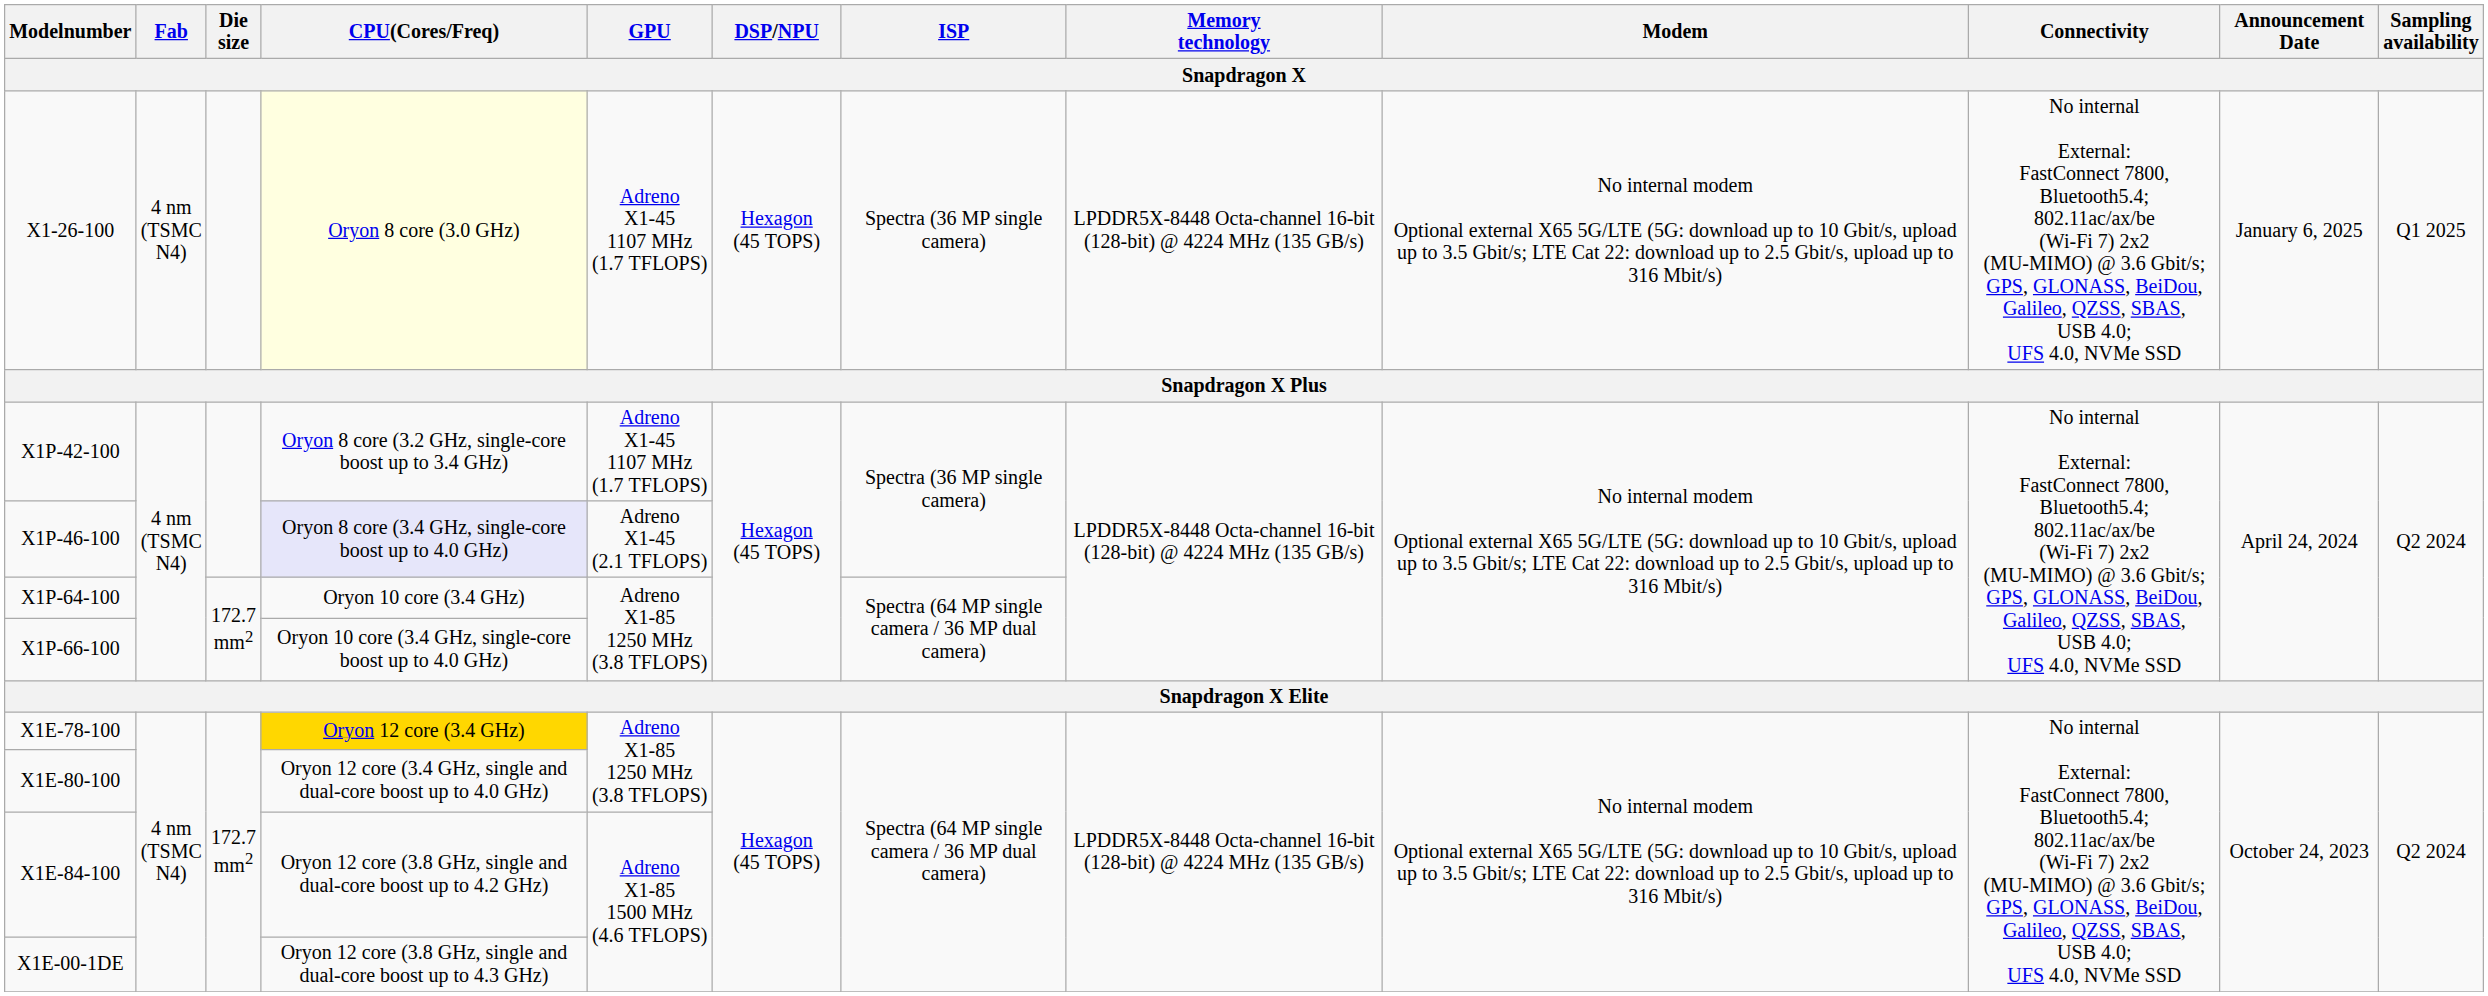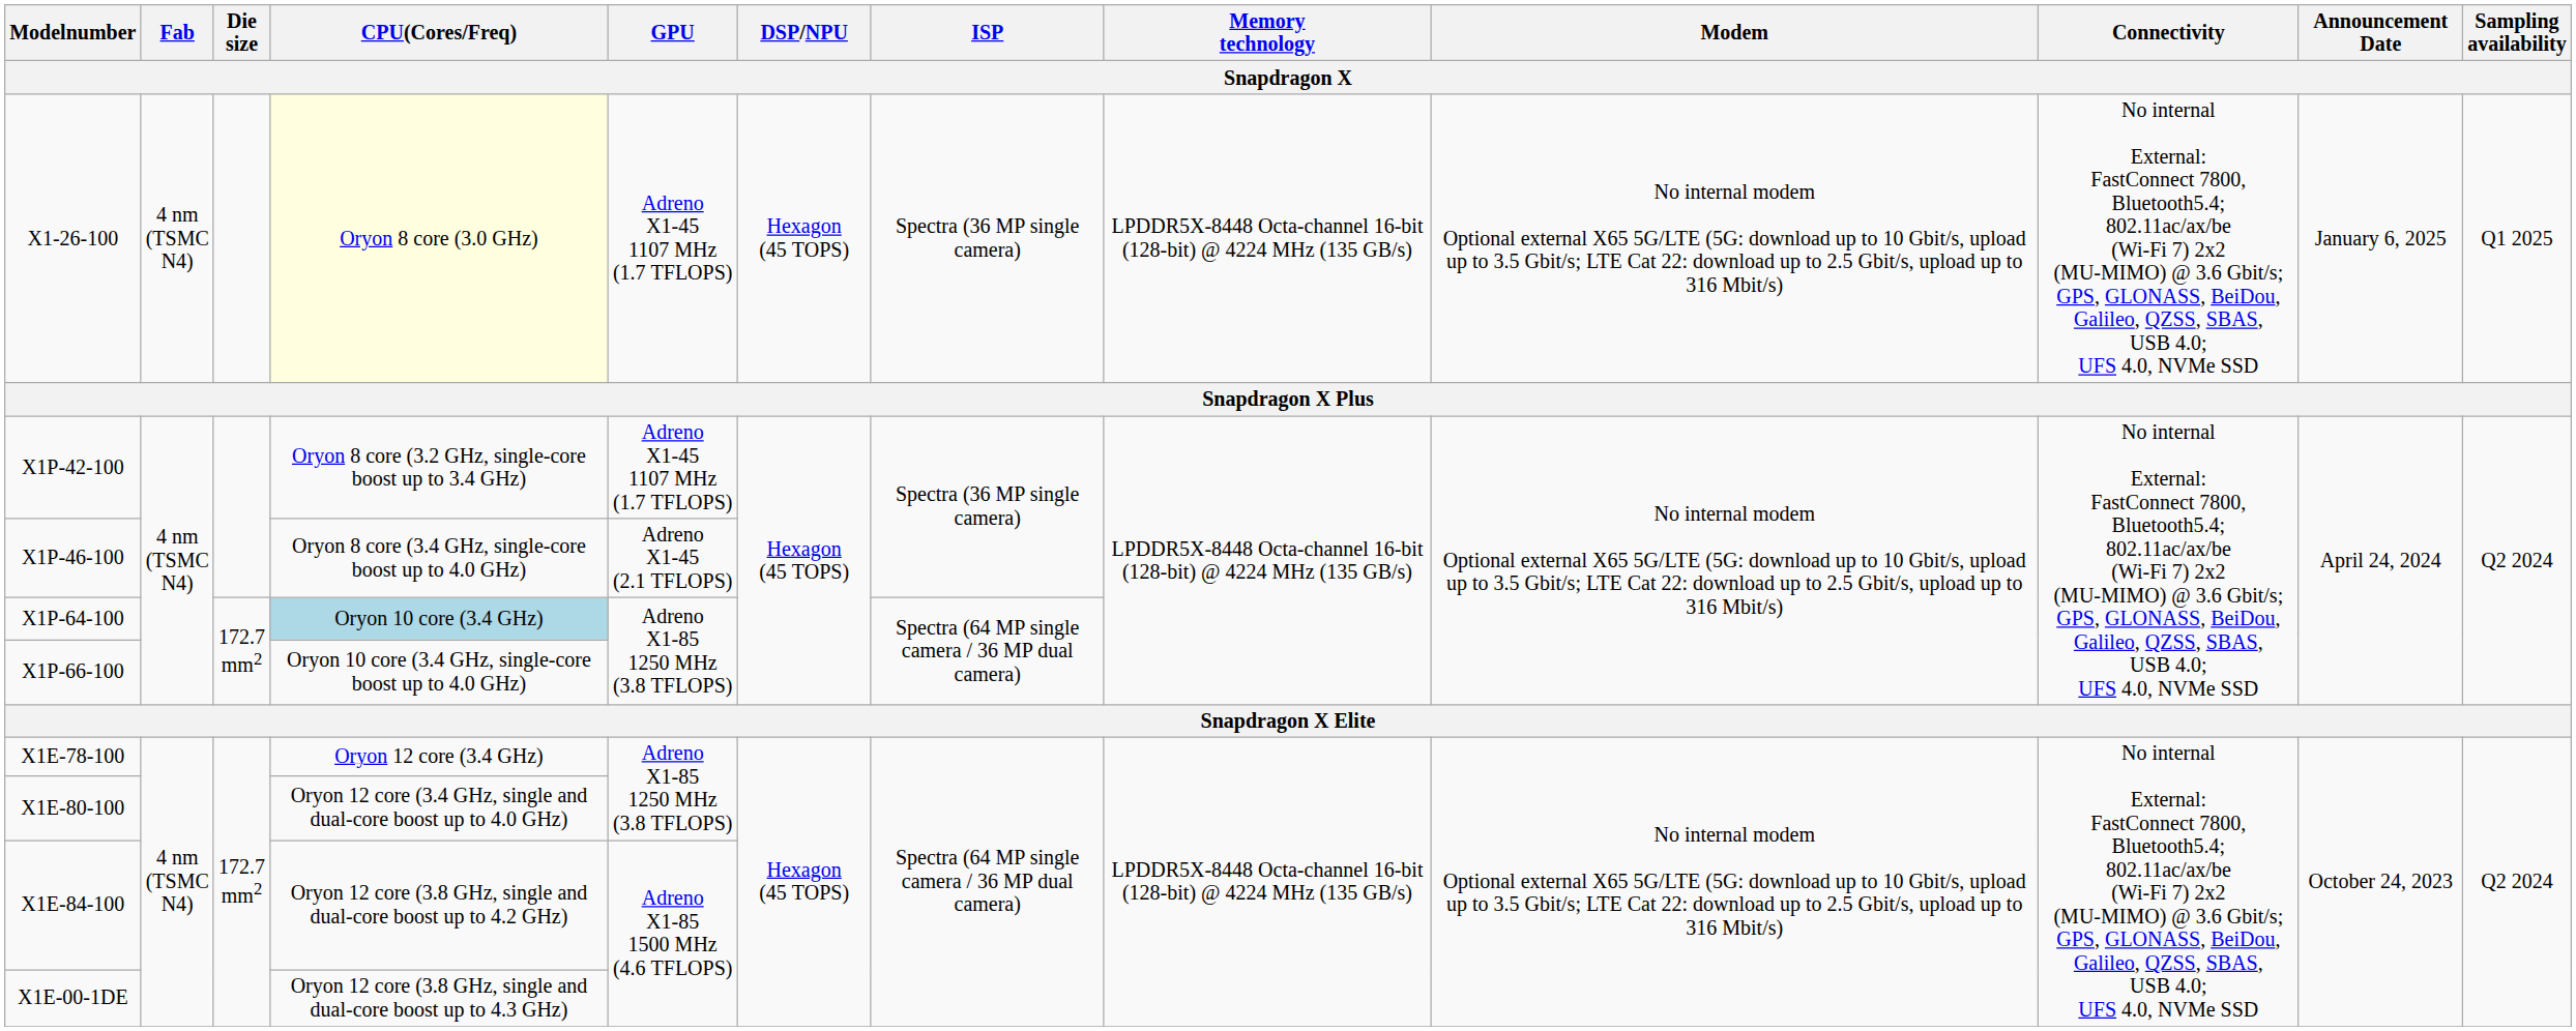 <table class="wikitable" style="width:100%; text-align:center">
 <tr>
 <th>Modelnumber</th>
 <th><a href='#'>Fab</a></th>
 <th>Die<br>size</th>
 <th><a href='#'>CPU</a>(Cores/Freq)</th>
 <th><a href='#'>GPU</a></th>
 <th><a href='#'>DSP</a>/<a href='#'>NPU</a></th>
 <th><a href='#'>ISP</a></th>
 <th><a href='#'>Memory<br>technology</a></th>
 <th>Modem</th>
 <th>Connectivity</th>
 <th>Announcement Date</th>
 <th>Sampling<br>availability</th>
 </tr>
 <tr>
 <th colspan="12">Snapdragon X</th>
 </tr>
 <tr>
 <td>X1-26-100</td>
 <td>4 nm <br>(TSMC <br>N4)</td>
 <td></td>
 <td style="background: lightyellow;"><a href='#'>Oryon</a> 8 core (3.0 GHz)</td>
 <td><a href='#'>Adreno</a> <br>X1-45 <br>1107 MHz <br>(1.7 TFLOPS)</td>
 <td><a href='#'>Hexagon</a> (45 TOPS)</td>
 <td>Spectra (36 MP single camera)</td>
 <td>LPDDR5X-8448 Octa-channel 16-bit (128-bit) @ 4224 MHz (135 GB/s)</td>
 <td>No internal modem<br><br>Optional external X65 5G/LTE (5G: download up to 10 Gbit/s, upload up to 3.5 Gbit/s; LTE Cat 22: download up to 2.5 Gbit/s, upload up to 316 Mbit/s)</td>
 <td>No internal<br><br>External: <br>FastConnect 7800, <br>Bluetooth5.4; <br>802.11ac/ax/be <br>(Wi-Fi 7) 2x2 <br>(MU-MIMO) @ 3.6 Gbit/s; <br><a href='#'>GPS</a>, <a href='#'>GLONASS</a>, <a href='#'>BeiDou</a>, <a href='#'>Galileo</a>, <a href='#'>QZSS</a>, <a href='#'>SBAS</a>, <br>USB 4.0; <br><a href='#'>UFS</a> 4.0, NVMe SSD</td>
 <td>January 6, 2025</td>
 <td>Q1 2025</td>
 </tr>
 <tr>
 <th colspan="12">Snapdragon X Plus</th>
 </tr>
 <tr>
 <td>X1P-42-100</td>
 <td rowspan="4">4 nm <br>(TSMC <br>N4)</td>
 <td rowspan="2"></td>
 <td><a href='#'>Oryon</a> 8 core (3.2 GHz, single-core boost up to 3.4 GHz)</td>
 <td><a href='#'>Adreno</a> <br>X1-45 <br>1107 MHz <br>(1.7 TFLOPS)</td>
 <td rowspan="4"><a href='#'>Hexagon</a> (45 TOPS)</td>
 <td rowspan="2">Spectra (36 MP single camera)</td>
 <td rowspan="4">LPDDR5X-8448 Octa-channel 16-bit (128-bit) @ 4224 MHz (135 GB/s)</td>
 <td rowspan="4">No internal modem<br><br>Optional external X65 5G/LTE (5G: download up to 10 Gbit/s, upload up to 3.5 Gbit/s; LTE Cat 22: download up to 2.5 Gbit/s, upload up to 316 Mbit/s)</td>
 <td rowspan="4">No internal<br><br>External: <br>FastConnect 7800, <br>Bluetooth5.4; <br>802.11ac/ax/be <br>(Wi-Fi 7) 2x2 <br>(MU-MIMO) @ 3.6 Gbit/s; <br><a href='#'>GPS</a>, <a href='#'>GLONASS</a>, <a href='#'>BeiDou</a>, <a href='#'>Galileo</a>, <a href='#'>QZSS</a>, <a href='#'>SBAS</a>, <br>USB 4.0; <br><a href='#'>UFS</a> 4.0, NVMe SSD</td>
 <td rowspan="4">April 24, 2024</td>
 <td rowspan="4">Q2 2024</td>
 </tr>
 <tr>
 <td>X1P-46-100</td>
-<td style="background: lavender;">Oryon 8 core (3.4 GHz, single-core boost up to 4.0 GHz)</td>
+<td>Oryon 8 core (3.4 GHz, single-core boost up to 4.0 GHz)</td>
 <td>Adreno <br>X1-45 <br>(2.1 TFLOPS)</td>
 </tr>
 <tr>
 <td>X1P-64-100</td>
 <td rowspan="2">172.7<br>mm<sup>2</sup></td>
-<td>Oryon 10 core (3.4 GHz)</td>
+<td style="background: lightblue;">Oryon 10 core (3.4 GHz)</td>
 <td rowspan="2">Adreno <br>X1-85 <br>1250 MHz <br>(3.8 TFLOPS)</td>
 <td rowspan="2">Spectra (64 MP single camera / 36 MP dual camera)</td>
 </tr>
 <tr>
 <td>X1P-66-100</td>
 <td>Oryon 10 core (3.4 GHz, single-core boost up to 4.0 GHz)</td>
 </tr>
 <tr>
 <th colspan="12">Snapdragon X Elite</th>
 </tr>
 <tr>
 <td>X1E-78-100</td>
 <td rowspan="4">4 nm <br>(TSMC <br>N4)</td>
 <td rowspan="4">172.7<br>mm<sup>2</sup></td>
-<td style="background: gold;"><a href='#'>Oryon</a> 12 core (3.4 GHz)</td>
+<td><a href='#'>Oryon</a> 12 core (3.4 GHz)</td>
 <td rowspan="2"><a href='#'>Adreno</a> <br>X1-85 <br>1250 MHz <br>(3.8 TFLOPS)</td>
 <td rowspan="4"><a href='#'>Hexagon</a> (45 TOPS)</td>
 <td rowspan="4">Spectra (64 MP single camera / 36 MP dual camera)</td>
 <td rowspan="4">LPDDR5X-8448 Octa-channel 16-bit (128-bit) @ 4224 MHz (135 GB/s)</td>
 <td rowspan="4">No internal modem<br><br>Optional external X65 5G/LTE (5G: download up to 10 Gbit/s, upload up to 3.5 Gbit/s; LTE Cat 22: download up to 2.5 Gbit/s, upload up to 316 Mbit/s)</td>
 <td rowspan="4">No internal<br><br>External: <br>FastConnect 7800, <br>Bluetooth5.4; <br>802.11ac/ax/be <br>(Wi-Fi 7) 2x2 <br>(MU-MIMO) @ 3.6 Gbit/s; <br><a href='#'>GPS</a>, <a href='#'>GLONASS</a>, <a href='#'>BeiDou</a>, <a href='#'>Galileo</a>, <a href='#'>QZSS</a>, <a href='#'>SBAS</a>, <br>USB 4.0; <br><a href='#'>UFS</a> 4.0, NVMe SSD</td>
 <td rowspan="4">October 24, 2023</td>
 <td rowspan="4">Q2 2024</td>
 </tr>
 <tr>
 <td>X1E-80-100</td>
 <td>Oryon 12 core (3.4 GHz, single and dual-core boost up to 4.0 GHz)</td>
 </tr>
 <tr>
 <td>X1E-84-100</td>
 <td>Oryon 12 core (3.8 GHz, single and dual-core boost up to 4.2 GHz)</td>
 <td rowspan="2"><a href='#'>Adreno</a> <br>X1-85 <br>1500 MHz <br>(4.6 TFLOPS)</td>
 </tr>
 <tr>
 <td>X1E-00-1DE</td>
 <td>Oryon 12 core (3.8 GHz, single and dual-core boost up to 4.3 GHz)</td>
 </tr>
 <tr>
 </tr>
 </table>
